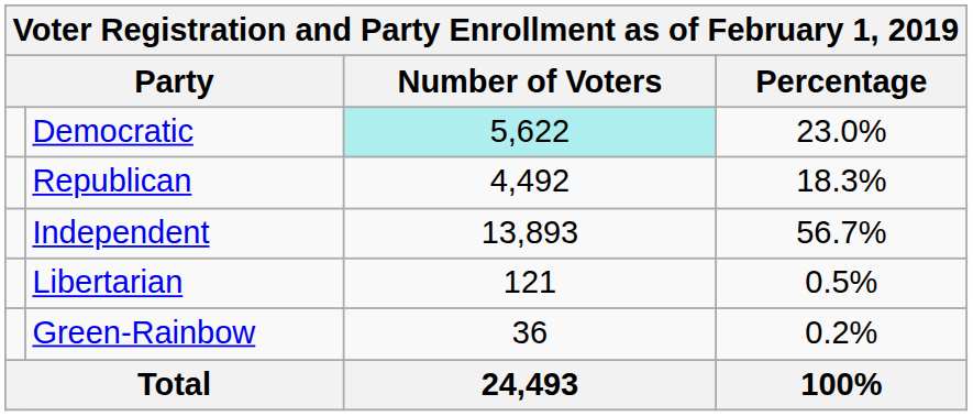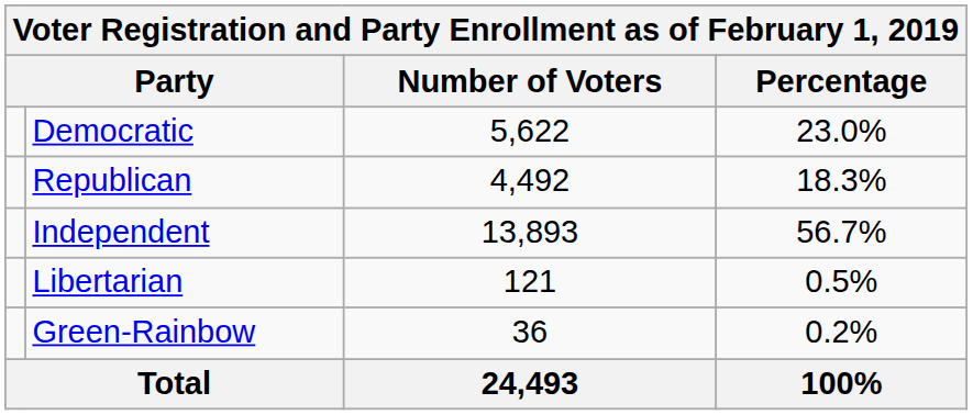 <table class=wikitable>
 <tr>
 <th colspan = 6>Voter Registration and Party Enrollment as of February 1, 2019</th>
 </tr>
 <tr>
 <th colspan = 2>Party</th>
 <th>Number of Voters</th>
 <th>Percentage</th>
 </tr>
 <tr>
 <td></td>
 <td><a href='#'>Democratic</a></td>
-<td align = center style="background: paleturquoise;">5,622</td>
+<td align = center>5,622</td>
 <td align = center>23.0%</td>
 </tr>
 <tr>
 <td></td>
 <td><a href='#'>Republican</a></td>
 <td align = center>4,492</td>
 <td align = center>18.3%</td>
 </tr>
 <tr>
 <td></td>
 <td><a href='#'>Independent</a></td>
 <td align = center>13,893</td>
 <td align = center>56.7%</td>
 </tr>
 <tr>
 <td></td>
 <td><a href='#'>Libertarian</a></td>
 <td align = center>121</td>
 <td align = center>0.5%</td>
 </tr>
 <tr>
 <td></td>
 <td><a href='#'>Green-Rainbow</a></td>
 <td align = center>36</td>
 <td align=center>0.2%</td>
 </tr>
 <tr>
 <th colspan = 2>Total</th>
 <th align = center>24,493</th>
 <th align = center>100%</th>
 </tr>
 </table>
